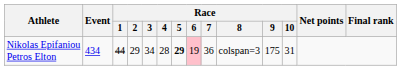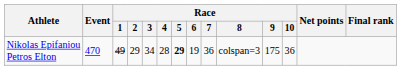 <table class="wikitable" style="font-size:90%">
 <tr>
 <th rowspan=2>Athlete</th>
 <th rowspan=2>Event</th>
 <th colspan=10>Race</th>
 <th rowspan=2>Net points</th>
 <th rowspan=2>Final rank</th>
 </tr>
 <tr style="font-size:95%">
 <th>1</th>
 <th>2</th>
 <th>3</th>
 <th>4</th>
 <th>5</th>
 <th>6</th>
 <th>7</th>
 <th>8</th>
 <th>9</th>
 <th>10</th>
 </tr>
 <tr align=center>
 <td align=left><a href='#'>Nikolas Epifaniou</a><br><a href='#'>Petros Elton</a></td>
-<td align=left><a href='#'>434</a></td>
-<td><s>44</s></td>
+<td align=left><a href='#'>470</a></td>
+<td><s>49</s></td>
 <td>29</td>
 <td>34</td>
 <td>28</td>
 <td><strong>29</strong></td>
-<td style="background: pink;">19</td>
+<td>19</td>
 <td>36</td>
 <td>colspan=3</td>
 <td>175</td>
-<td>31</td>
+<td>36</td>
 </tr>
 </table>
